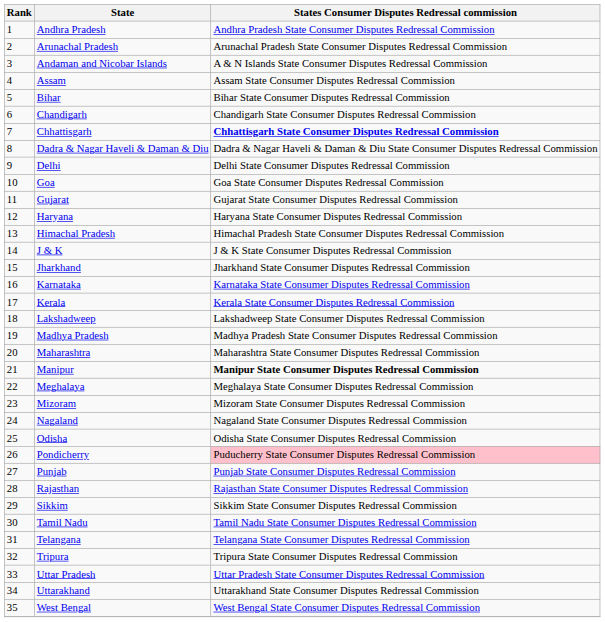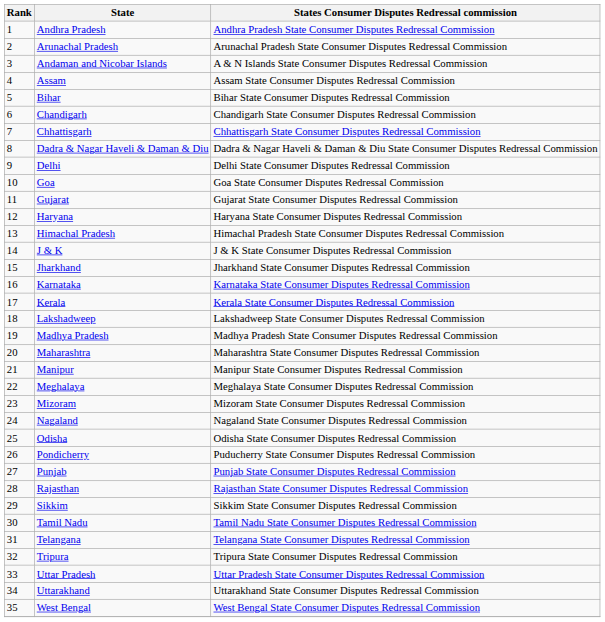 <table class="wikitable sortable">
 <tr>
 <th>Rank</th>
 <th>State</th>
 <th>States Consumer Disputes Redressal commission</th>
 </tr>
 <tr>
 <td>1</td>
 <td><a href='#'>Andhra Pradesh</a></td>
 <td><a href='#'>Andhra Pradesh State Consumer Disputes Redressal Commission</a></td>
 </tr>
 <tr>
 <td>2</td>
 <td><a href='#'>Arunachal Pradesh</a></td>
 <td>Arunachal Pradesh State Consumer Disputes Redressal Commission</td>
 </tr>
 <tr>
 <td>3</td>
 <td><a href='#'>Andaman and Nicobar Islands</a></td>
 <td>A & N Islands State Consumer Disputes Redressal Commission</td>
 </tr>
 <tr>
 <td>4</td>
 <td><a href='#'>Assam</a></td>
 <td>Assam State Consumer Disputes Redressal Commission</td>
 </tr>
 <tr>
 <td>5</td>
 <td><a href='#'>Bihar</a></td>
 <td>Bihar State Consumer Disputes Redressal Commission</td>
 </tr>
 <tr>
 <td>6</td>
 <td><a href='#'>Chandigarh</a></td>
 <td>Chandigarh State Consumer Disputes Redressal Commission</td>
 </tr>
 <tr>
 <td>7</td>
 <td><a href='#'>Chhattisgarh</a></td>
-<td><strong><a href='#'>Chhattisgarh State Consumer Disputes Redressal Commission</a></strong></td>
+<td><a href='#'>Chhattisgarh State Consumer Disputes Redressal Commission</a></td>
 </tr>
 <tr>
 <td>8</td>
 <td><a href='#'>Dadra & Nagar Haveli & Daman & Diu</a></td>
 <td>Dadra & Nagar Haveli & Daman & Diu State Consumer Disputes Redressal Commission</td>
 </tr>
 <tr>
 <td>9</td>
 <td><a href='#'>Delhi</a></td>
 <td>Delhi State Consumer Disputes Redressal Commission</td>
 </tr>
 <tr>
 <td>10</td>
 <td><a href='#'>Goa</a></td>
 <td>Goa State Consumer Disputes Redressal Commission</td>
 </tr>
 <tr>
 <td>11</td>
 <td><a href='#'>Gujarat</a></td>
 <td>Gujarat State Consumer Disputes Redressal Commission</td>
 </tr>
 <tr>
 <td>12</td>
 <td><a href='#'>Haryana</a></td>
 <td>Haryana State Consumer Disputes Redressal Commission</td>
 </tr>
 <tr>
 <td>13</td>
 <td><a href='#'>Himachal Pradesh</a></td>
 <td>Himachal Pradesh State Consumer Disputes Redressal Commission</td>
 </tr>
 <tr>
 <td>14</td>
 <td><a href='#'>J & K</a></td>
 <td>J & K State Consumer Disputes Redressal Commission</td>
 </tr>
 <tr>
 <td>15</td>
 <td><a href='#'>Jharkhand</a></td>
 <td>Jharkhand State Consumer Disputes Redressal Commission</td>
 </tr>
 <tr>
 <td>16</td>
 <td><a href='#'>Karnataka</a></td>
 <td><a href='#'>Karnataka State Consumer Disputes Redressal Commission</a></td>
 </tr>
 <tr>
 <td>17</td>
 <td><a href='#'>Kerala</a></td>
 <td><a href='#'>Kerala State Consumer Disputes Redressal Commission</a></td>
 </tr>
 <tr>
 <td>18</td>
 <td><a href='#'>Lakshadweep</a></td>
 <td>Lakshadweep State Consumer Disputes Redressal Commission</td>
 </tr>
 <tr>
 <td>19</td>
 <td><a href='#'>Madhya Pradesh</a></td>
 <td>Madhya Pradesh State Consumer Disputes Redressal Commission</td>
 </tr>
 <tr>
 <td>20</td>
 <td><a href='#'>Maharashtra</a></td>
 <td>Maharashtra State Consumer Disputes Redressal Commission</td>
 </tr>
 <tr>
 <td>21</td>
 <td><a href='#'>Manipur</a></td>
-<td><strong>Manipur State Consumer Disputes Redressal Commission</strong></td>
+<td>Manipur State Consumer Disputes Redressal Commission</td>
 </tr>
 <tr>
 <td>22</td>
 <td><a href='#'>Meghalaya</a></td>
 <td>Meghalaya State Consumer Disputes Redressal Commission</td>
 </tr>
 <tr>
 <td>23</td>
 <td><a href='#'>Mizoram</a></td>
 <td>Mizoram State Consumer Disputes Redressal Commission</td>
 </tr>
 <tr>
 <td>24</td>
 <td><a href='#'>Nagaland</a></td>
 <td>Nagaland State Consumer Disputes Redressal Commission</td>
 </tr>
 <tr>
 <td>25</td>
 <td><a href='#'>Odisha</a></td>
 <td>Odisha State Consumer Disputes Redressal Commission</td>
 </tr>
 <tr>
 <td>26</td>
 <td><a href='#'>Pondicherry</a></td>
-<td style="background: pink;">Puducherry State Consumer Disputes Redressal Commission</td>
+<td>Puducherry State Consumer Disputes Redressal Commission</td>
 </tr>
 <tr>
 <td>27</td>
 <td><a href='#'>Punjab</a></td>
 <td><a href='#'>Punjab State Consumer Disputes Redressal Commission</a></td>
 </tr>
 <tr>
 <td>28</td>
 <td><a href='#'>Rajasthan</a></td>
 <td><a href='#'>Rajasthan State Consumer Disputes Redressal Commission</a></td>
 </tr>
 <tr>
 <td>29</td>
 <td><a href='#'>Sikkim</a></td>
 <td>Sikkim State Consumer Disputes Redressal Commission</td>
 </tr>
 <tr>
 <td>30</td>
 <td><a href='#'>Tamil Nadu</a></td>
 <td><a href='#'>Tamil Nadu State Consumer Disputes Redressal Commission</a></td>
 </tr>
 <tr>
 <td>31</td>
 <td><a href='#'>Telangana</a></td>
 <td><a href='#'>Telangana State Consumer Disputes Redressal Commission</a></td>
 </tr>
 <tr>
 <td>32</td>
 <td><a href='#'>Tripura</a></td>
 <td>Tripura State Consumer Disputes Redressal Commission</td>
 </tr>
 <tr>
 <td>33</td>
 <td><a href='#'>Uttar Pradesh</a></td>
 <td><a href='#'>Uttar Pradesh State Consumer Disputes Redressal Commission</a></td>
 </tr>
 <tr>
 <td>34</td>
 <td><a href='#'>Uttarakhand</a></td>
 <td>Uttarakhand State Consumer Disputes Redressal Commission</td>
 </tr>
 <tr>
 <td>35</td>
 <td><a href='#'>West Bengal</a></td>
 <td><a href='#'>West Bengal State Consumer Disputes Redressal Commission</a></td>
 </tr>
 <tr>
 </tr>
 </table>
